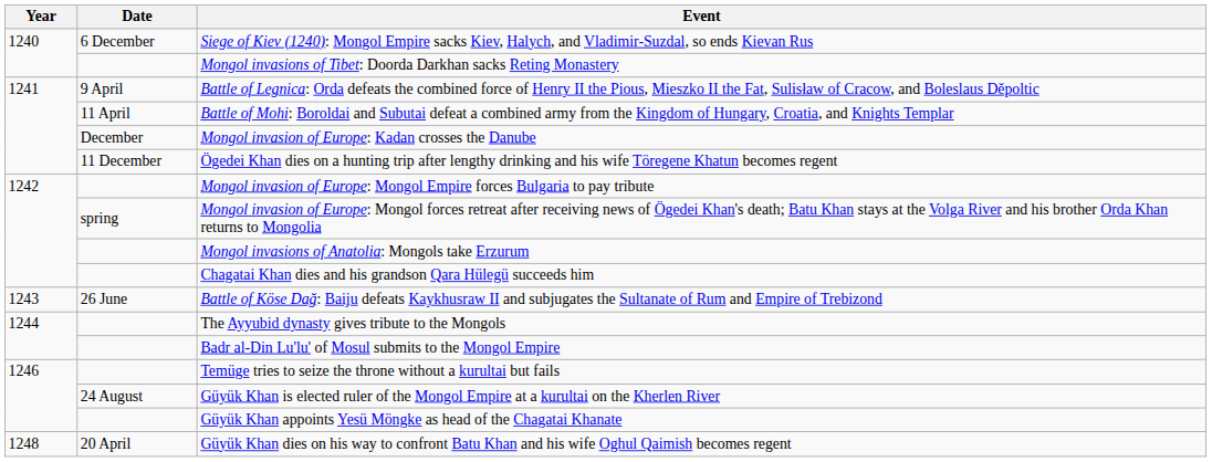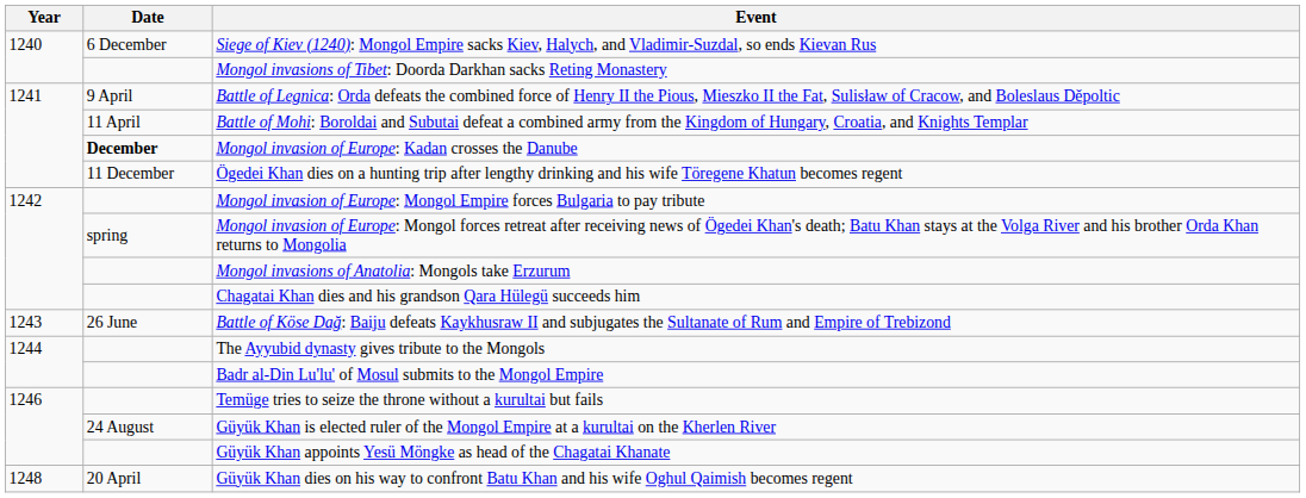 <table class="wikitable" width="100%">
 <tr>
 <th style="width:6%">Year</th>
 <th style="width:10%">Date</th>
 <th>Event</th>
 </tr>
 <tr>
 <td rowspan="2" valign="top">1240</td>
 <td>6 December</td>
 <td><em><a href='#'>Siege of Kiev (1240)</a></em>: <a href='#'>Mongol Empire</a> sacks <a href='#'>Kiev</a>, <a href='#'>Halych</a>, and <a href='#'>Vladimir-Suzdal</a>, so ends <a href='#'>Kievan Rus</a></td>
 </tr>
 <tr>
 <td></td>
 <td><em><a href='#'>Mongol invasions of Tibet</a></em>: Doorda Darkhan sacks <a href='#'>Reting Monastery</a></td>
 </tr>
 <tr>
 <td rowspan="4" valign="top">1241</td>
 <td>9 April</td>
 <td><em><a href='#'>Battle of Legnica</a></em>: <a href='#'>Orda</a> defeats the combined force of <a href='#'>Henry II the Pious</a>, <a href='#'>Mieszko II the Fat</a>, <a href='#'>Sulisław of Cracow</a>, and <a href='#'>Boleslaus Děpoltic</a></td>
 </tr>
 <tr>
 <td>11 April</td>
 <td><em><a href='#'>Battle of Mohi</a></em>: <a href='#'>Boroldai</a> and <a href='#'>Subutai</a> defeat a combined army from the <a href='#'>Kingdom of Hungary</a>, <a href='#'>Croatia</a>, and <a href='#'>Knights Templar</a></td>
 </tr>
 <tr>
-<td>December</td>
+<td><strong>December</strong></td>
 <td><em><a href='#'>Mongol invasion of Europe</a></em>: <a href='#'>Kadan</a> crosses the <a href='#'>Danube</a></td>
 </tr>
 <tr>
 <td>11 December</td>
 <td><a href='#'>Ögedei Khan</a> dies on a hunting trip after lengthy drinking and his wife <a href='#'>Töregene Khatun</a> becomes regent</td>
 </tr>
 <tr>
 <td rowspan="4" valign="top">1242</td>
 <td></td>
 <td><em><a href='#'>Mongol invasion of Europe</a></em>: <a href='#'>Mongol Empire</a> forces <a href='#'>Bulgaria</a> to pay tribute</td>
 </tr>
 <tr>
 <td>spring</td>
 <td><em><a href='#'>Mongol invasion of Europe</a></em>: Mongol forces retreat after receiving news of <a href='#'>Ögedei Khan</a>'s death; <a href='#'>Batu Khan</a> stays at the <a href='#'>Volga River</a> and his brother <a href='#'>Orda Khan</a> returns to <a href='#'>Mongolia</a></td>
 </tr>
 <tr>
 <td></td>
 <td><em><a href='#'>Mongol invasions of Anatolia</a></em>: Mongols take <a href='#'>Erzurum</a></td>
 </tr>
 <tr>
 <td></td>
 <td><a href='#'>Chagatai Khan</a> dies and his grandson <a href='#'>Qara Hülegü</a> succeeds him</td>
 </tr>
 <tr>
 <td>1243</td>
 <td>26 June</td>
 <td><em><a href='#'>Battle of Köse Dağ</a></em>: <a href='#'>Baiju</a> defeats <a href='#'>Kaykhusraw II</a> and subjugates the <a href='#'>Sultanate of Rum</a> and <a href='#'>Empire of Trebizond</a></td>
 </tr>
 <tr>
 <td rowspan="2" valign="top">1244</td>
 <td></td>
 <td>The <a href='#'>Ayyubid dynasty</a> gives tribute to the Mongols</td>
 </tr>
 <tr>
 <td></td>
 <td><a href='#'>Badr al-Din Lu'lu'</a> of <a href='#'>Mosul</a> submits to the <a href='#'>Mongol Empire</a></td>
 </tr>
 <tr>
 <td rowspan="3" valign="top">1246</td>
 <td></td>
 <td><a href='#'>Temüge</a> tries to seize the throne without a <a href='#'>kurultai</a> but fails</td>
 </tr>
 <tr>
 <td>24 August</td>
 <td><a href='#'>Güyük Khan</a> is elected ruler of the <a href='#'>Mongol Empire</a> at a <a href='#'>kurultai</a> on the <a href='#'>Kherlen River</a></td>
 </tr>
 <tr>
 <td></td>
 <td><a href='#'>Güyük Khan</a> appoints <a href='#'>Yesü Möngke</a> as head of the <a href='#'>Chagatai Khanate</a></td>
 </tr>
 <tr>
 <td>1248</td>
 <td>20 April</td>
 <td><a href='#'>Güyük Khan</a> dies on his way to confront <a href='#'>Batu Khan</a> and his wife <a href='#'>Oghul Qaimish</a> becomes regent</td>
 </tr>
 </table>
